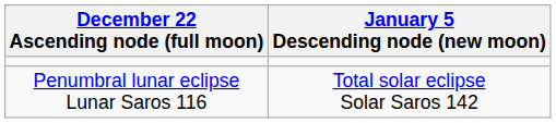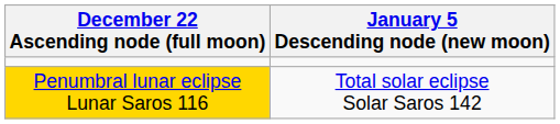 <table class="wikitable">
 <tr>
 <th><a href='#'>December 22</a><br>Ascending node (full moon)<br></th>
 <th><a href='#'>January 5</a><br>Descending node (new moon)<br></th>
 </tr>
 <tr>
 <td></td>
 <td></td>
 </tr>
 <tr align=center>
-<td><a href='#'>Penumbral lunar eclipse</a><br>Lunar Saros 116</td>
+<td style="background: gold;"><a href='#'>Penumbral lunar eclipse</a><br>Lunar Saros 116</td>
 <td><a href='#'>Total solar eclipse</a><br>Solar Saros 142</td>
 </tr>
 </table>
